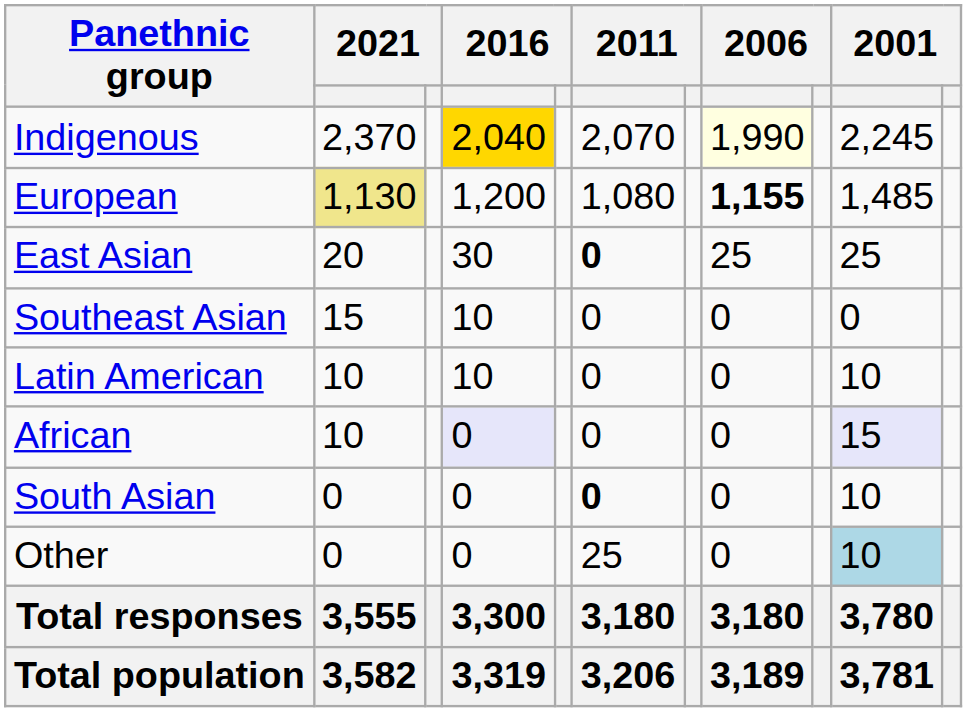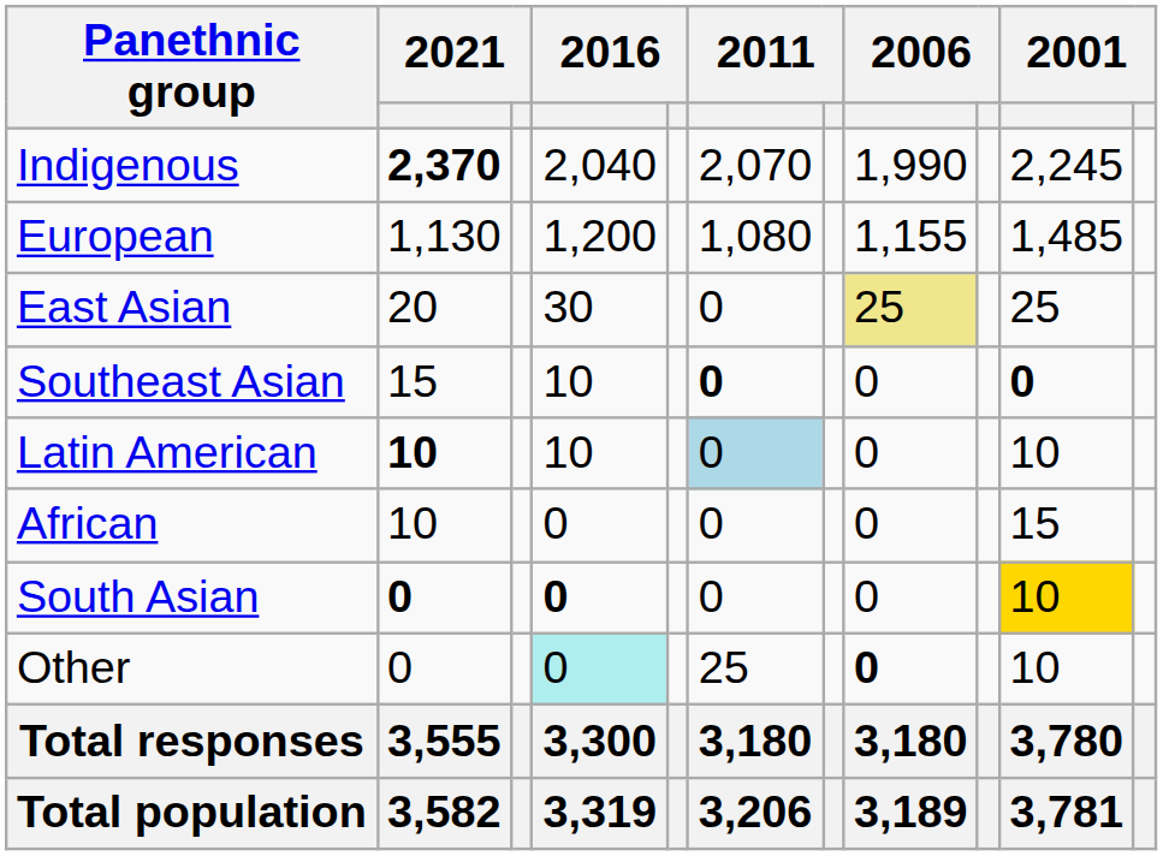 <table class="wikitable collapsible sortable">
 <tr>
 <th rowspan="2"><a href='#'>Panethnic</a><br>group</th>
 <th colspan="2">2021</th>
 <th colspan="2">2016</th>
 <th colspan="2">2011</th>
 <th colspan="2">2006</th>
 <th colspan="2">2001</th>
 </tr>
 <tr>
 <th><a href='#'></a></th>
 <th></th>
 <th></th>
 <th></th>
 <th></th>
 <th></th>
 <th></th>
 <th></th>
 <th></th>
 <th></th>
 </tr>
 <tr>
 <td><a href='#'>Indigenous</a></td>
-<td>2,370</td>
+<td><strong>2,370</strong></td>
 <td></td>
-<td style="background: gold;">2,040</td>
+<td>2,040</td>
 <td></td>
 <td>2,070</td>
 <td></td>
-<td style="background: lightyellow;">1,990</td>
+<td>1,990</td>
 <td></td>
 <td>2,245</td>
 <td></td>
 </tr>
 <tr>
 <td><a href='#'>European</a></td>
-<td style="background: khaki;">1,130</td>
+<td>1,130</td>
 <td></td>
 <td>1,200</td>
 <td></td>
 <td>1,080</td>
 <td></td>
-<td><strong>1,155</strong></td>
+<td>1,155</td>
 <td></td>
 <td>1,485</td>
 <td></td>
 </tr>
 <tr>
 <td><a href='#'>East Asian</a></td>
 <td>20</td>
 <td></td>
 <td>30</td>
 <td></td>
-<td><strong>0</strong></td>
+<td>0</td>
 <td></td>
-<td>25</td>
+<td style="background: khaki;">25</td>
 <td></td>
 <td>25</td>
 <td></td>
 </tr>
 <tr>
 <td><a href='#'>Southeast Asian</a></td>
 <td>15</td>
 <td></td>
 <td>10</td>
 <td></td>
-<td>0</td>
+<td><strong>0</strong></td>
 <td></td>
 <td>0</td>
 <td></td>
-<td>0</td>
+<td><strong>0</strong></td>
 <td></td>
 </tr>
 <tr>
 <td><a href='#'>Latin American</a></td>
-<td>10</td>
+<td><strong>10</strong></td>
 <td></td>
 <td>10</td>
 <td></td>
-<td>0</td>
+<td style="background: lightblue;">0</td>
 <td></td>
 <td>0</td>
 <td></td>
 <td>10</td>
 <td></td>
 </tr>
 <tr>
 <td><a href='#'>African</a></td>
 <td>10</td>
 <td></td>
-<td style="background: lavender;">0</td>
+<td>0</td>
 <td></td>
 <td>0</td>
 <td></td>
 <td>0</td>
 <td></td>
-<td style="background: lavender;">15</td>
+<td>15</td>
 <td></td>
 </tr>
 <tr>
 <td><a href='#'>South Asian</a></td>
-<td>0</td>
-<td></td>
-<td>0</td>
+<td><strong>0</strong></td>
 <td></td>
 <td><strong>0</strong></td>
 <td></td>
 <td>0</td>
 <td></td>
-<td>10</td>
+<td>0</td>
+<td></td>
+<td style="background: gold;">10</td>
 <td></td>
 </tr>
 <tr>
 <td>Other</td>
 <td>0</td>
 <td></td>
-<td>0</td>
+<td style="background: paleturquoise;">0</td>
 <td></td>
 <td>25</td>
 <td></td>
-<td>0</td>
+<td><strong>0</strong></td>
 <td></td>
-<td style="background: lightblue;">10</td>
+<td>10</td>
 <td></td>
 </tr>
 <tr>
 <th>Total responses</th>
 <th>3,555</th>
 <th></th>
 <th>3,300</th>
 <th></th>
 <th>3,180</th>
 <th></th>
 <th>3,180</th>
 <th></th>
 <th>3,780</th>
 <th></th>
 </tr>
 <tr>
 <th>Total population</th>
 <th>3,582</th>
 <th></th>
 <th>3,319</th>
 <th></th>
 <th>3,206</th>
 <th></th>
 <th>3,189</th>
 <th></th>
 <th>3,781</th>
 <th></th>
 </tr>
 </table>
